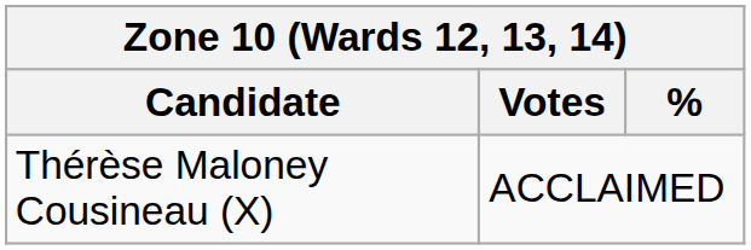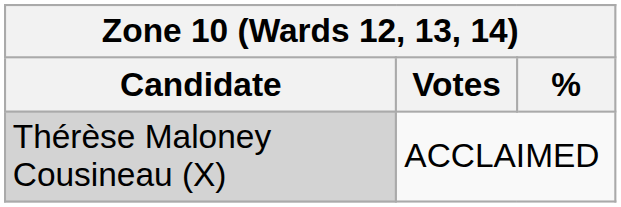 <table class="wikitable">
 <tr>
 <th colspan="3">Zone 10 (Wards 12, 13, 14)</th>
 </tr>
 <tr>
 <th style="width: 180px">Candidate</th>
 <th style="width: 50px">Votes</th>
 <th style="width: 40px">%</th>
 </tr>
 <tr>
-<td>Thérèse Maloney Cousineau (X)</td>
+<td style="background: lightgrey;">Thérèse Maloney Cousineau (X)</td>
 <td colspan="2">ACCLAIMED</td>
 </tr>
 </table>
